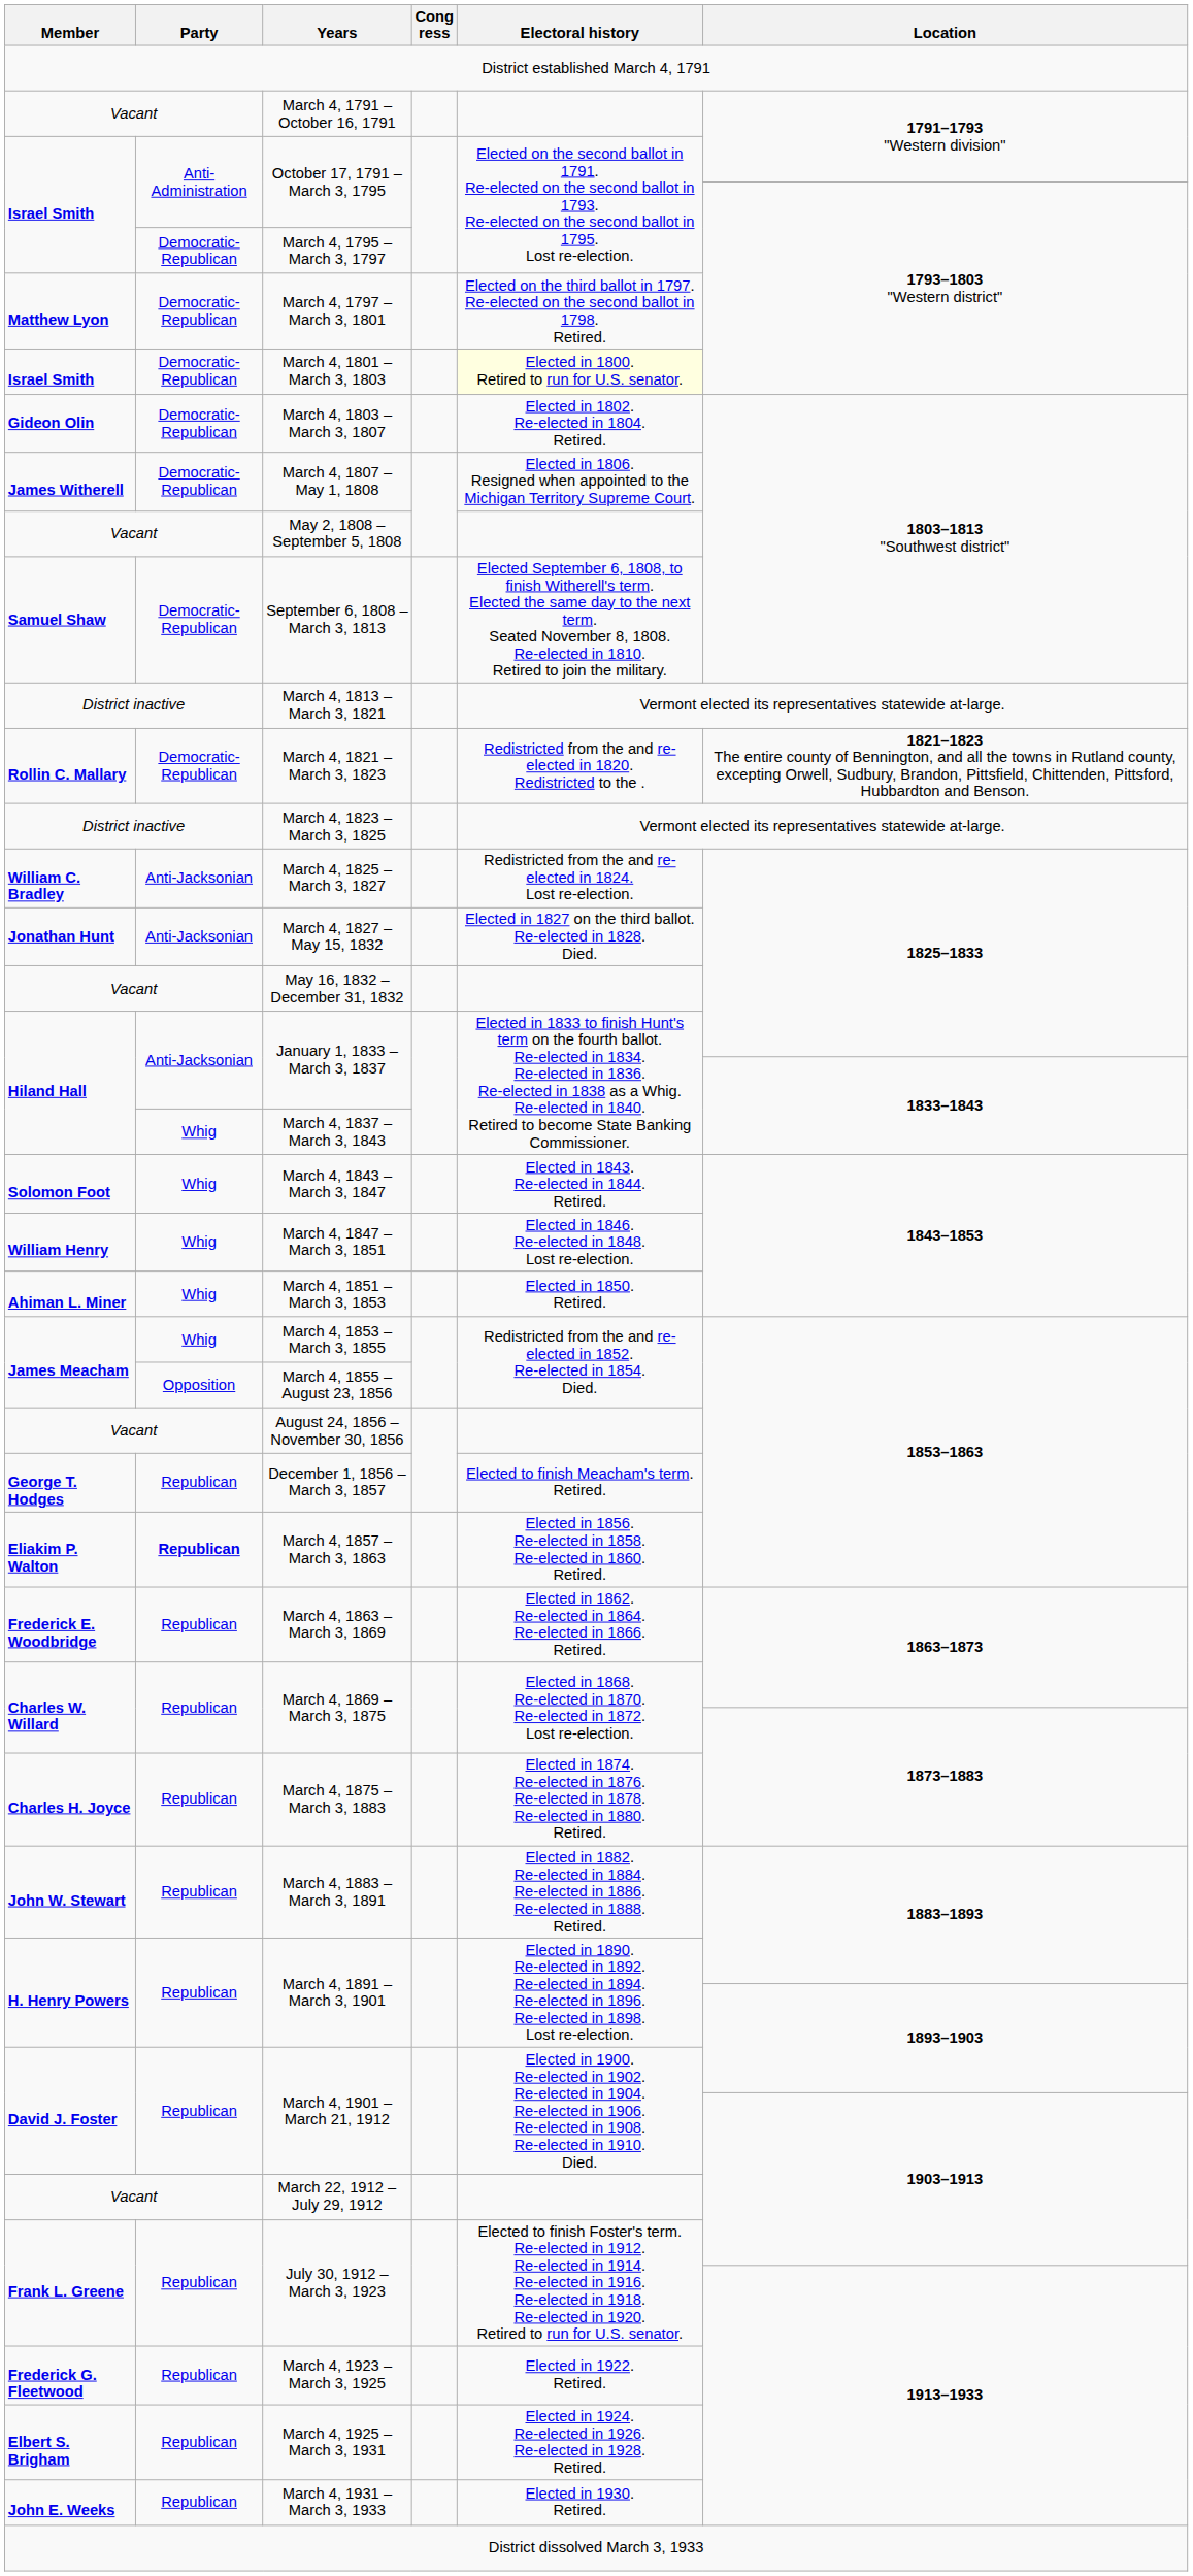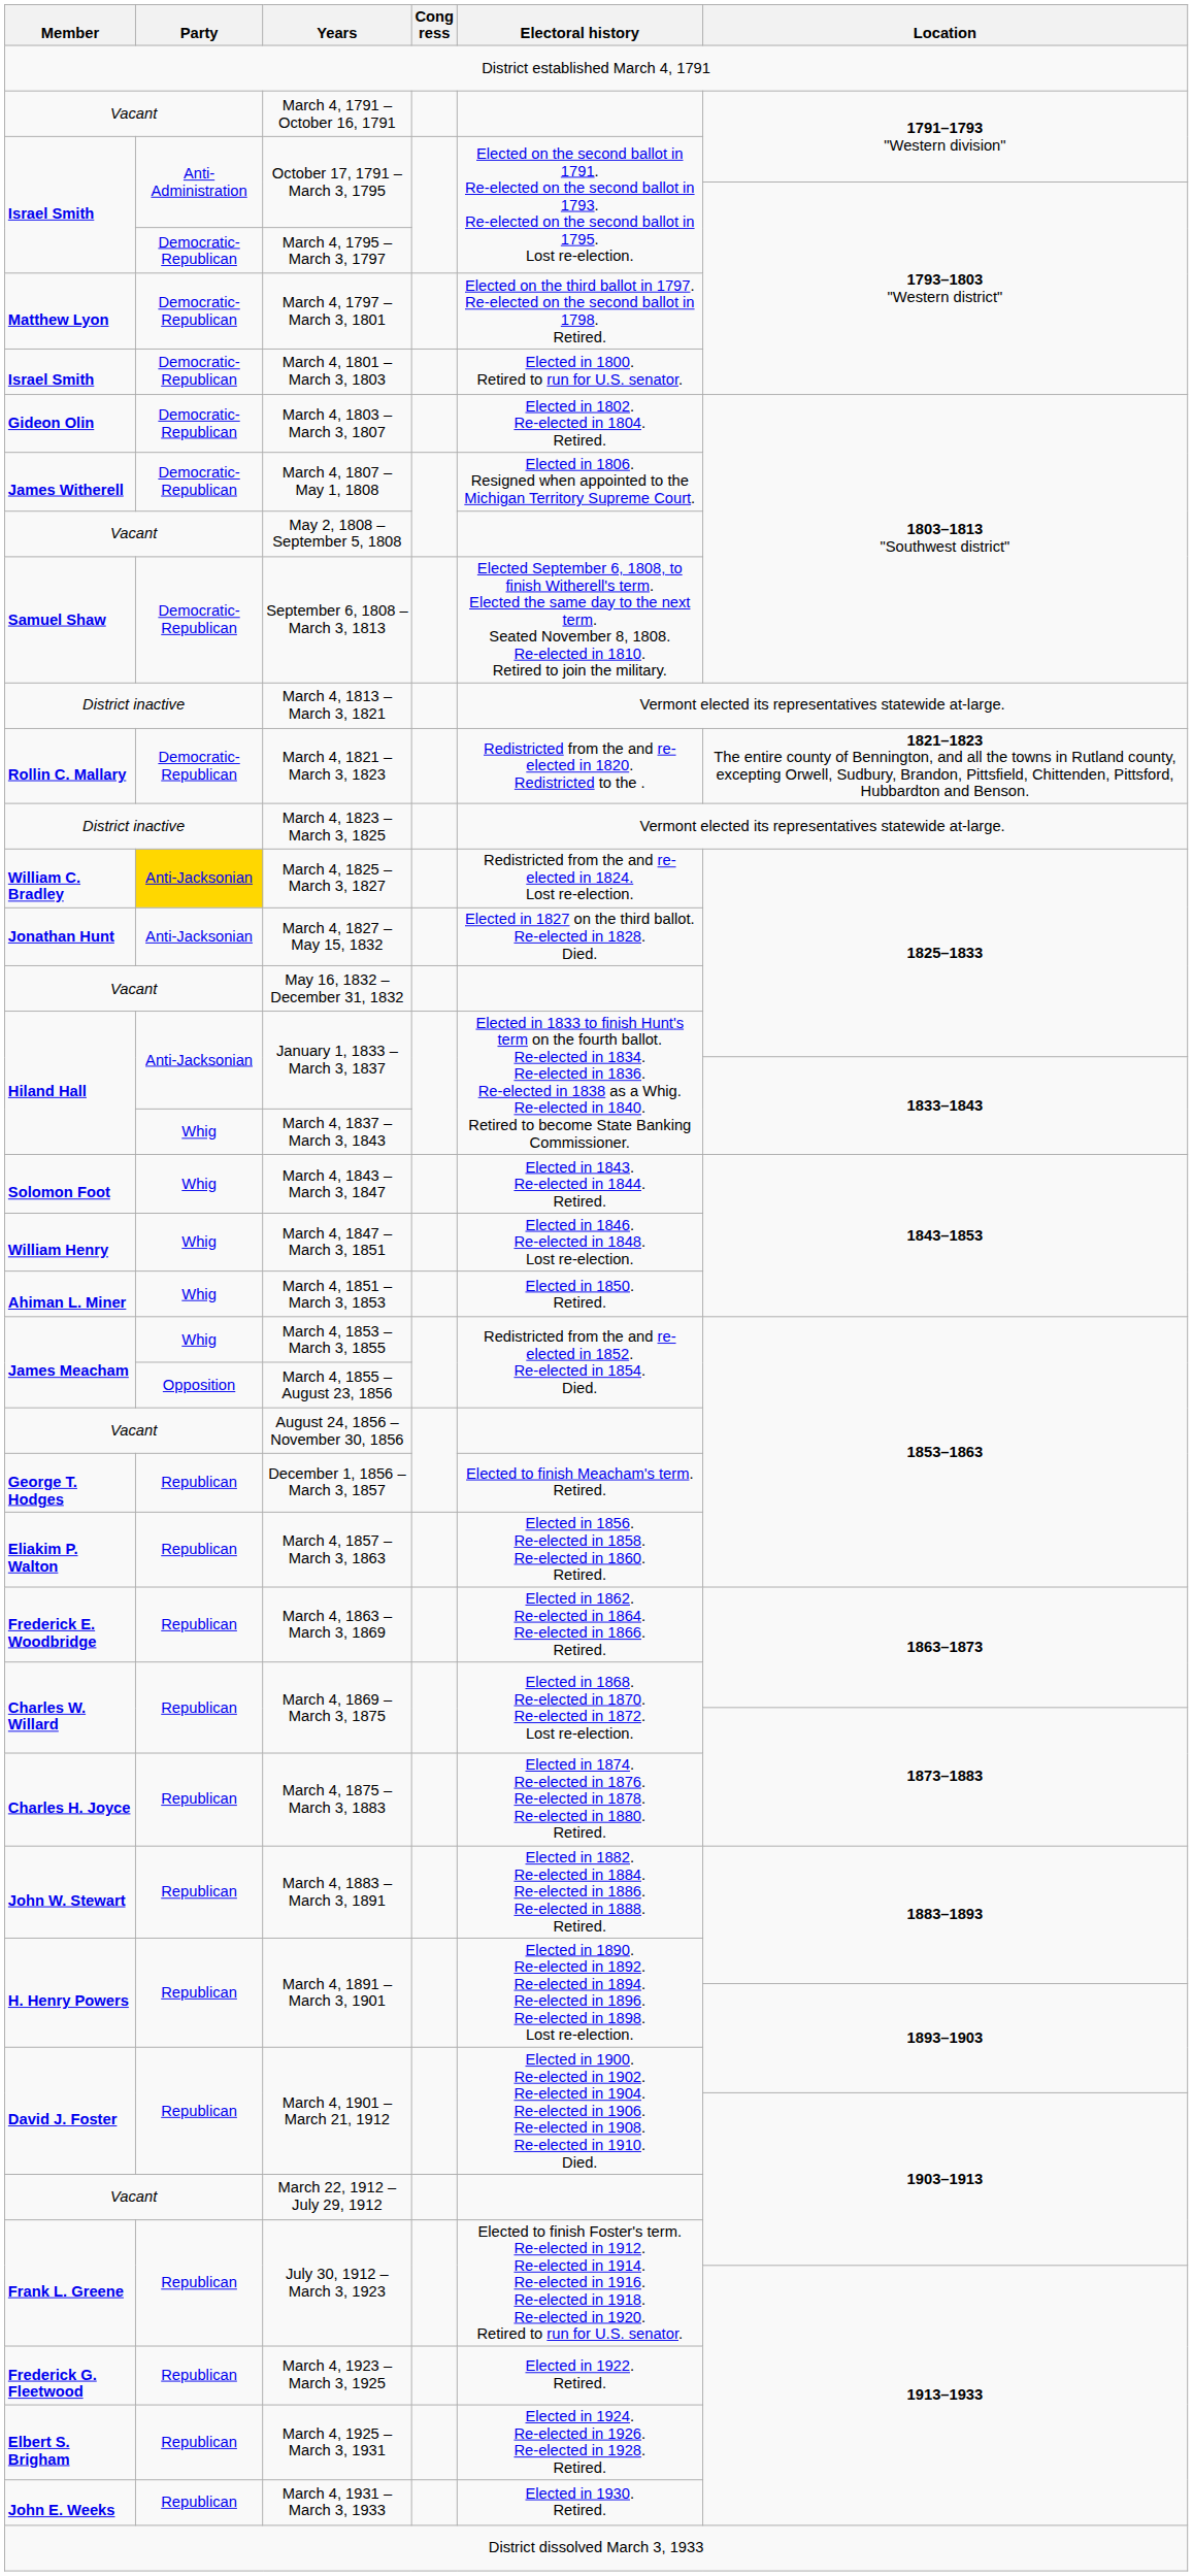 <table class=wikitable style="text-align:center">
 <tr valign=bottom>
 <th>Member</th>
 <th>Party</th>
 <th>Years</th>
 <th>Cong<br>ress</th>
 <th>Electoral history</th>
 <th>Location</th>
 </tr>
 <tr style="height:3em">
 <td colspan=6>District established March 4, 1791</td>
 </tr>
 <tr style="height:3em">
 <td colspan=2><em>Vacant</em></td>
 <td nowrap>March 4, 1791 –<br>October 16, 1791</td>
 <td></td>
 <td></td>
 <td rowspan=2><strong>1791–1793</strong><br>"Western division"</td>
 </tr>
 <tr style="height:3em">
 <td rowspan=3 align=left><br><strong><a href='#'>Israel Smith</a></strong><br></td>
 <td rowspan=2 ><a href='#'>Anti-Administration</a></td>
 <td rowspan=2 nowrap>October 17, 1791 –<br> March 3, 1795</td>
 <td rowspan=3></td>
 <td rowspan=3><a href='#'>Elected on the second ballot in 1791</a>.<br><a href='#'>Re-elected on the second ballot in 1793</a>.<br><a href='#'>Re-elected on the second ballot in 1795</a>.<br>Lost re-election.</td>
 </tr>
 <tr style="height:3em">
 <td rowspan=4><strong>1793–1803</strong><br>"Western district"</td>
 </tr>
 <tr style="height:3em">
 <td><a href='#'>Democratic-Republican</a></td>
 <td nowrap>March 4, 1795 –<br>March 3, 1797</td>
 </tr>
 <tr style="height:3em">
 <td align=left><br><strong><a href='#'>Matthew Lyon</a></strong><br></td>
 <td><a href='#'>Democratic-Republican</a></td>
 <td nowrap>March 4, 1797 –<br>March 3, 1801</td>
 <td></td>
 <td><a href='#'>Elected on the third ballot in 1797</a>.<br><a href='#'>Re-elected on the second ballot in 1798</a>.<br>Retired.</td>
 </tr>
 <tr style="height:3em">
 <td align=left><br><strong><a href='#'>Israel Smith</a></strong><br></td>
 <td><a href='#'>Democratic-Republican</a></td>
 <td nowrap>March 4, 1801 –<br>March 3, 1803</td>
 <td></td>
-<td style="background: lightyellow;"><a href='#'>Elected in 1800</a>.<br>Retired to <a href='#'>run for U.S. senator</a>.</td>
+<td><a href='#'>Elected in 1800</a>.<br>Retired to <a href='#'>run for U.S. senator</a>.</td>
 </tr>
 <tr style="height:3em">
 <td align=left><strong><a href='#'>Gideon Olin</a></strong><br></td>
 <td><a href='#'>Democratic-Republican</a></td>
 <td nowrap>March 4, 1803 –<br>March 3, 1807</td>
 <td></td>
 <td><a href='#'>Elected in 1802</a>.<br><a href='#'>Re-elected in 1804</a>.<br>Retired.</td>
 <td rowspan=4><strong>1803–1813</strong><br>"Southwest district"</td>
 </tr>
 <tr style="height:3em">
 <td align=left><br><strong><a href='#'>James Witherell</a></strong><br></td>
 <td><a href='#'>Democratic-Republican</a></td>
 <td nowrap>March 4, 1807 –<br>May 1, 1808</td>
 <td rowspan=2></td>
 <td><a href='#'>Elected in 1806</a>.<br>Resigned when appointed to the <a href='#'>Michigan Territory Supreme Court</a>.</td>
 </tr>
 <tr style="height:3em">
 <td colspan=2><em>Vacant</em></td>
 <td nowrap>May 2, 1808 –<br>September 5, 1808</td>
 <td></td>
 </tr>
 <tr style="height:3em">
 <td align=left><strong><a href='#'>Samuel Shaw</a></strong><br></td>
 <td><a href='#'>Democratic-Republican</a></td>
 <td nowrap>September 6, 1808 –<br>March 3, 1813</td>
 <td></td>
 <td><a href='#'>Elected September 6, 1808, to finish Witherell's term</a>.<br><a href='#'>Elected the same day to the next term</a>.<br>Seated November 8, 1808.<br><a href='#'>Re-elected in 1810</a>.<br>Retired to join the military.</td>
 </tr>
 <tr style="height:3em">
 <td colspan=2><em>District inactive</em></td>
 <td nowrap>March 4, 1813 –<br>March 3, 1821</td>
 <td></td>
 <td colspan=2>Vermont elected its representatives statewide at-large.</td>
 </tr>
 <tr style="height:3em">
 <td align=left><br><strong><a href='#'>Rollin C. Mallary</a></strong><br></td>
 <td><a href='#'>Democratic-Republican</a></td>
 <td nowrap>March 4, 1821 –<br>March 3, 1823</td>
 <td></td>
 <td><a href='#'>Redistricted</a> from the  and <a href='#'>re-elected in 1820</a>.<br><a href='#'>Redistricted</a> to the .</td>
 <td><strong>1821–1823</strong><br>The entire county of Bennington, and all the towns in Rutland county, excepting Orwell, Sudbury, Brandon, Pittsfield, Chittenden, Pittsford, Hubbardton and Benson.</td>
 </tr>
 <tr style="height:3em">
 <td colspan=2><em>District inactive</em></td>
 <td nowrap>March 4, 1823 –<br>March 3, 1825</td>
 <td></td>
 <td colspan=2>Vermont elected its representatives statewide at-large.</td>
 </tr>
 <tr style="height:3em">
 <td align=left><br><strong><a href='#'>William C. Bradley</a></strong><br></td>
-<td><a href='#'>Anti-Jacksonian</a></td>
+<td style="background: gold;"><a href='#'>Anti-Jacksonian</a></td>
 <td nowrap>March 4, 1825 –<br>March 3, 1827</td>
 <td></td>
 <td>Redistricted from the  and <a href='#'>re-elected in 1824.</a><br>Lost re-election.</td>
 <td rowspan=4><strong>1825–1833</strong><br></td>
 </tr>
 <tr style="height:3em">
 <td align=left><strong><a href='#'>Jonathan Hunt</a></strong><br></td>
 <td><a href='#'>Anti-Jacksonian</a></td>
 <td nowrap>March 4, 1827 –<br>May 15, 1832</td>
 <td></td>
 <td><a href='#'>Elected in 1827</a> on the third ballot.<br><a href='#'>Re-elected in 1828</a>.<br>Died.</td>
 </tr>
 <tr style="height:3em">
 <td colspan=2><em>Vacant</em></td>
 <td nowrap>May 16, 1832 –<br>December 31, 1832</td>
 <td></td>
 <td></td>
 </tr>
 <tr style="height:3em">
 <td rowspan=3 align=left><br><strong><a href='#'>Hiland Hall</a></strong><br></td>
 <td rowspan=2 ><a href='#'>Anti-Jacksonian</a></td>
 <td rowspan=2 nowrap>January 1, 1833 –<br>March 3, 1837</td>
 <td rowspan=3></td>
 <td rowspan=3><a href='#'>Elected in 1833 to finish Hunt's term</a> on the fourth ballot.<br><a href='#'>Re-elected in 1834</a>.<br><a href='#'>Re-elected in 1836</a>.<br><a href='#'>Re-elected in 1838</a> as a Whig.<br><a href='#'>Re-elected in 1840</a>.<br> Retired to become State Banking Commissioner.</td>
 </tr>
 <tr style="height:3em">
 <td rowspan=2><strong>1833–1843</strong><br></td>
 </tr>
 <tr style="height:3em">
 <td><a href='#'>Whig</a></td>
 <td nowrap>March 4, 1837 –<br>March 3, 1843</td>
 </tr>
 <tr style="height:3em">
 <td align=left><br><strong><a href='#'>Solomon Foot</a></strong><br></td>
 <td><a href='#'>Whig</a></td>
 <td nowrap>March 4, 1843 –<br>March 3, 1847</td>
 <td></td>
 <td><a href='#'>Elected in 1843</a>.<br><a href='#'>Re-elected in 1844</a>.<br>Retired.</td>
 <td rowspan=3><strong>1843–1853</strong><br></td>
 </tr>
 <tr style="height:3em">
 <td align=left><br><strong><a href='#'>William Henry</a></strong><br></td>
 <td><a href='#'>Whig</a></td>
 <td nowrap>March 4, 1847 –<br>March 3, 1851</td>
 <td></td>
 <td><a href='#'>Elected in 1846</a>.<br><a href='#'>Re-elected in 1848</a>.<br>Lost re-election.</td>
 </tr>
 <tr style="height:3em">
 <td align=left><br><strong><a href='#'>Ahiman L. Miner</a></strong><br></td>
 <td><a href='#'>Whig</a></td>
 <td nowrap>March 4, 1851 –<br>March 3, 1853</td>
 <td></td>
 <td><a href='#'>Elected in 1850</a>.<br>Retired.</td>
 </tr>
 <tr style="height:3em">
 <td rowspan=2 align=left><br><strong><a href='#'>James Meacham</a></strong><br></td>
 <td><a href='#'>Whig</a></td>
 <td nowrap>March 4, 1853 –<br>March 3, 1855</td>
 <td rowspan=2></td>
 <td rowspan=2>Redistricted from the  and <a href='#'>re-elected in 1852</a>.<br><a href='#'>Re-elected in 1854</a>.<br>Died.</td>
 <td rowspan=5><strong>1853–1863</strong><br></td>
 </tr>
 <tr style="height:3em">
 <td><a href='#'>Opposition</a></td>
 <td nowrap>March 4, 1855 –<br>August 23, 1856</td>
 </tr>
 <tr style="height:3em">
 <td colspan=2><em>Vacant</em></td>
 <td nowrap>August 24, 1856 –<br>November 30, 1856</td>
 <td rowspan=2></td>
 <td></td>
 </tr>
 <tr style="height:3em">
 <td align=left><br><strong><a href='#'>George T. Hodges</a></strong><br></td>
 <td><a href='#'>Republican</a></td>
 <td nowrap>December 1, 1856 –<br>March 3, 1857</td>
 <td><a href='#'>Elected to finish Meacham's term</a>.<br>Retired.</td>
 </tr>
 <tr style="height:3em">
 <td align=left><br><strong><a href='#'>Eliakim P. Walton</a></strong><br></td>
-<td><strong><a href='#'>Republican</a></strong></td>
+<td><a href='#'>Republican</a></td>
 <td nowrap>March 4, 1857 –<br>March 3, 1863</td>
 <td></td>
 <td><a href='#'>Elected in 1856</a>.<br><a href='#'>Re-elected in 1858</a>.<br><a href='#'>Re-elected in 1860</a>.<br>Retired.</td>
 </tr>
 <tr style="height:3em">
 <td align=left><br><strong><a href='#'>Frederick E. Woodbridge</a></strong><br></td>
 <td><a href='#'>Republican</a></td>
 <td nowrap>March 4, 1863 –<br>March 3, 1869</td>
 <td></td>
 <td><a href='#'>Elected in 1862</a>.<br><a href='#'>Re-elected in 1864</a>.<br><a href='#'>Re-elected in 1866</a>.<br>Retired.</td>
 <td rowspan=2><strong>1863–1873</strong><br></td>
 </tr>
 <tr style="height:3em">
 <td rowspan=2 align=left><br><strong><a href='#'>Charles W. Willard</a></strong><br></td>
 <td rowspan=2 ><a href='#'>Republican</a></td>
 <td rowspan=2 nowrap>March 4, 1869 –<br>March 3, 1875</td>
 <td rowspan=2></td>
 <td rowspan=2><a href='#'>Elected in 1868</a>.<br><a href='#'>Re-elected in 1870</a>.<br><a href='#'>Re-elected in 1872</a>.<br>Lost re-election.</td>
 </tr>
 <tr style="height:3em">
 <td rowspan=2><strong>1873–1883</strong><br></td>
 </tr>
 <tr style="height:3em">
 <td align=left><br><strong><a href='#'>Charles H. Joyce</a></strong><br></td>
 <td><a href='#'>Republican</a></td>
 <td nowrap>March 4, 1875 –<br>March 3, 1883</td>
 <td></td>
 <td><a href='#'>Elected in 1874</a>.<br><a href='#'>Re-elected in 1876</a>.<br><a href='#'>Re-elected in 1878</a>.<br><a href='#'>Re-elected in 1880</a>.<br>Retired.</td>
 </tr>
 <tr style="height:3em">
 <td align=left><br><strong><a href='#'>John W. Stewart</a></strong><br></td>
 <td><a href='#'>Republican</a></td>
 <td nowrap>March 4, 1883 –<br>March 3, 1891</td>
 <td></td>
 <td><a href='#'>Elected in 1882</a>.<br><a href='#'>Re-elected in 1884</a>.<br><a href='#'>Re-elected in 1886</a>.<br><a href='#'>Re-elected in 1888</a>.<br>Retired.</td>
 <td rowspan=2><strong>1883–1893</strong><br></td>
 </tr>
 <tr style="height:3em">
 <td rowspan=2 align=left><br><strong><a href='#'>H. Henry Powers</a></strong><br></td>
 <td rowspan=2 ><a href='#'>Republican</a></td>
 <td rowspan=2 nowrap>March 4, 1891 –<br>March 3, 1901</td>
 <td rowspan=2></td>
 <td rowspan=2><a href='#'>Elected in 1890</a>.<br><a href='#'>Re-elected in 1892</a>.<br><a href='#'>Re-elected in 1894</a>.<br><a href='#'>Re-elected in 1896</a>.<br><a href='#'>Re-elected in 1898</a>.<br>Lost re-election.</td>
 </tr>
 <tr style="height:3em">
 <td rowspan=2><strong>1893–1903</strong><br></td>
 </tr>
 <tr style="height:3em">
 <td rowspan=2 align=left><br><strong><a href='#'>David J. Foster</a></strong><br></td>
 <td rowspan=2 ><a href='#'>Republican</a></td>
 <td rowspan=2 nowrap>March 4, 1901 –<br>March 21, 1912</td>
 <td rowspan=2></td>
 <td rowspan=2><a href='#'>Elected in 1900</a>.<br><a href='#'>Re-elected in 1902</a>.<br><a href='#'>Re-elected in 1904</a>.<br><a href='#'>Re-elected in 1906</a>.<br><a href='#'>Re-elected in 1908</a>.<br><a href='#'>Re-elected in 1910</a>.<br>Died.</td>
 </tr>
 <tr style="height:3em">
 <td rowspan=3><strong>1903–1913</strong><br></td>
 </tr>
 <tr style="height:3em">
 <td colspan=2><em>Vacant</em></td>
 <td nowrap>March 22, 1912 –<br>July 29, 1912</td>
 <td></td>
 <td></td>
 </tr>
 <tr style="height:3em">
 <td rowspan=2 align=left><br><strong><a href='#'>Frank L. Greene</a></strong><br></td>
 <td rowspan=2 ><a href='#'>Republican</a></td>
 <td rowspan=2 nowrap>July 30, 1912 –<br>March 3, 1923</td>
 <td rowspan=2></td>
 <td rowspan=2>Elected to finish Foster's term.<br><a href='#'>Re-elected in 1912</a>.<br><a href='#'>Re-elected in 1914</a>.<br><a href='#'>Re-elected in 1916</a>.<br><a href='#'>Re-elected in 1918</a>.<br><a href='#'>Re-elected in 1920</a>.<br>Retired to <a href='#'>run for U.S. senator</a>.</td>
 </tr>
 <tr style="height:3em">
 <td rowspan=4><strong>1913–1933</strong><br></td>
 </tr>
 <tr style="height:3em">
 <td align=left><br><strong><a href='#'>Frederick G. Fleetwood</a></strong><br></td>
 <td><a href='#'>Republican</a></td>
 <td nowrap>March 4, 1923 –<br>March 3, 1925</td>
 <td></td>
 <td><a href='#'>Elected in 1922</a>.<br>Retired.</td>
 </tr>
 <tr style="height:3em">
 <td align=left><br><strong><a href='#'>Elbert S. Brigham</a></strong><br></td>
 <td><a href='#'>Republican</a></td>
 <td nowrap>March 4, 1925 –<br>March 3, 1931</td>
 <td></td>
 <td><a href='#'>Elected in 1924</a>.<br><a href='#'>Re-elected in 1926</a>.<br><a href='#'>Re-elected in 1928</a>.<br>Retired.</td>
 </tr>
 <tr style="height:3em">
 <td align=left><br><strong><a href='#'>John E. Weeks</a></strong><br></td>
 <td><a href='#'>Republican</a></td>
 <td nowrap>March 4, 1931 –<br>March 3, 1933</td>
 <td></td>
 <td><a href='#'>Elected in 1930</a>.<br>Retired.</td>
 </tr>
 <tr style="height:3em">
 <td colspan=6>District dissolved March 3, 1933</td>
 </tr>
 </table>
